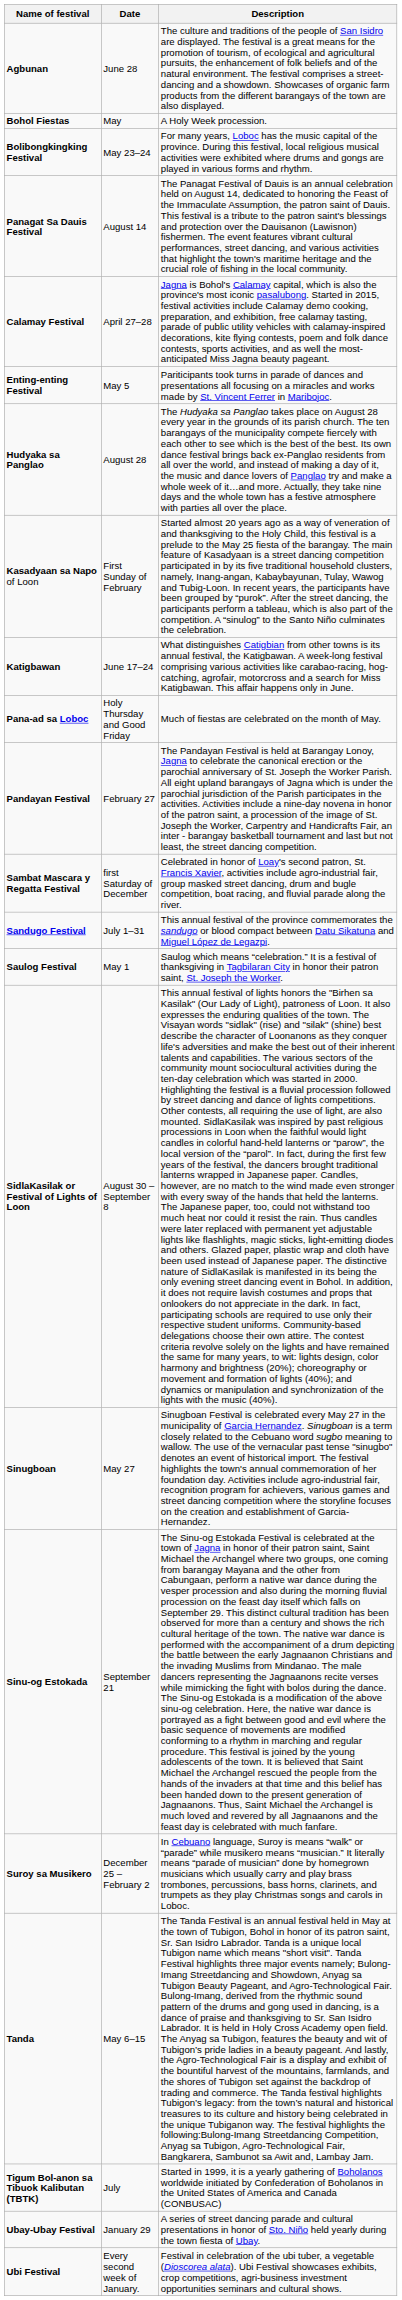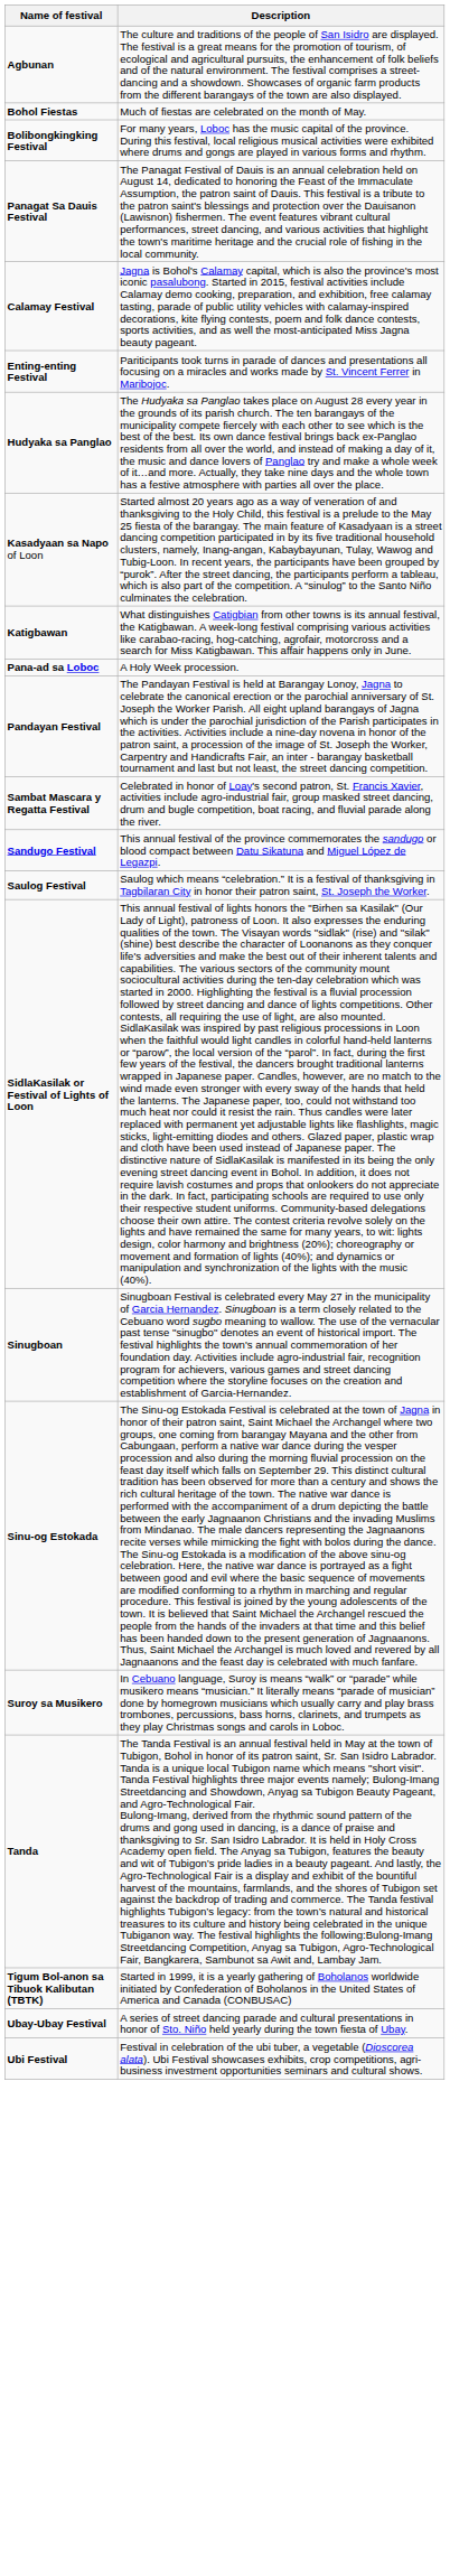 <table class="wikitable collapsible collapsed" style="margin:1em auto;font-size:95%;min-width:23em;">
 <tr>
 <th style="width: 10em;text-align:center  ;padding: 0.4em 1em;">Name of festival</th>
-<th style="width: 5em;text-align:center;padding: 0.4em 1em;">Date</th>
 <th style="width: 50em;text-align:center  ;padding: 0.4em 1em;">Description</th>
 </tr>
 <tr>
 <td><strong>Agbunan</strong></td>
-<td>June 28</td>
 <td>The culture and traditions of the people of <a href='#'>San Isidro</a> are displayed. The festival is a great means for the promotion of tourism, of ecological and agricultural pursuits, the enhancement of folk beliefs and of the natural environment. The festival comprises a street-dancing and a showdown. Showcases of organic farm products from the different barangays of the town are also displayed.</td>
 </tr>
 <tr>
 <td><strong>Bohol Fiestas</strong></td>
-<td>May</td>
-<td>A Holy Week procession.</td>
+<td>Much of fiestas are celebrated on the month of May.</td>
 </tr>
 <tr>
 <td><strong>Bolibongkingking Festival</strong></td>
-<td>May 23–24</td>
 <td>For many years, <a href='#'>Loboc</a> has the music capital of the province. During this festival, local religious musical activities were exhibited where drums and gongs are played in various forms and rhythm.</td>
 </tr>
 <tr>
 <td><strong>Panagat Sa Dauis Festival</strong></td>
-<td>August 14</td>
 <td [[Dauis, Bohol>The Panagat Festival of Dauis is an annual celebration held on August 14, dedicated to honoring the Feast of the Immaculate Assumption, the patron saint of Dauis. This festival is a tribute to the patron saint's blessings and protection over the Dauisanon (Lawisnon) fishermen. The event features vibrant cultural performances, street dancing, and various activities that highlight the town's maritime heritage and the crucial role of fishing in the local community.</td>
 </tr>
 <tr>
 <td><strong>Calamay Festival</strong></td>
-<td>April 27–28</td>
 <td><a href='#'>Jagna</a> is Bohol's <a href='#'>Calamay</a> capital, which is also the province's most iconic <a href='#'>pasalubong</a>. Started in 2015, festival activities include Calamay demo cooking, preparation, and  exhibition, free calamay tasting,  parade of public utility vehicles with calamay-inspired decorations,  kite flying contests, poem and folk dance contests, sports activities, and as well the most-anticipated Miss Jagna beauty pageant.</td>
 </tr>
 <tr>
 <td><strong>Enting-enting Festival</strong></td>
-<td>May 5</td>
 <td>Pariticipants took turns in parade of dances and presentations all focusing on a miracles and works made by <a href='#'>St. Vincent Ferrer</a> in <a href='#'>Maribojoc</a>.</td>
 </tr>
 <tr>
 <td><strong>Hudyaka sa Panglao</strong></td>
-<td>August 28</td>
 <td>The <em>Hudyaka sa Panglao</em> takes place on August 28 every year in the grounds of its parish church. The ten barangays of the municipality compete fiercely with each other to see which is the best of the best. Its own dance festival brings back ex-Panglao residents from all over the world, and instead of making a day of it, the music and dance lovers of <a href='#'>Panglao</a> try and make a whole week of it…and more. Actually, they take nine days and the whole town has a festive atmosphere with parties all over the place.</td>
 </tr>
 <tr>
 <td><strong>Kasadyaan sa Napo</strong> of Loon</td>
-<td>First Sunday of February</td>
 <td>Started almost 20 years ago as a way of veneration of and thanksgiving to the Holy Child, this festival is a prelude to the May 25 fiesta of the barangay. The main feature of Kasadyaan is a street dancing competition participated in by its five traditional household clusters, namely, Inang-angan, Kabaybayunan, Tulay, Wawog and Tubig-Loon. In recent years, the participants have been grouped by “purok”. After the street dancing, the participants perform a tableau, which is also part of the competition. A “sinulog” to the Santo Niño culminates the celebration.</td>
 </tr>
 <tr>
 <td><strong>Katigbawan</strong></td>
-<td>June 17–24</td>
 <td>What distinguishes <a href='#'>Catigbian</a> from other towns is its annual festival, the Katigbawan. A week-long festival comprising various activities like carabao-racing, hog-catching, agrofair, motorcross and a search for Miss Katigbawan. This affair happens only in June.</td>
 </tr>
 <tr>
 <td><strong>Pana-ad sa <a href='#'>Loboc</a></strong></td>
-<td>Holy Thursday and Good Friday</td>
-<td>Much of fiestas are celebrated on the month of May.</td>
+<td>A Holy Week procession.</td>
 </tr>
 <tr>
 <td><strong>Pandayan Festival</strong></td>
-<td>February 27</td>
 <td>The Pandayan Festival is held at Barangay Lonoy, <a href='#'>Jagna</a> to celebrate the canonical erection or the parochial anniversary of St. Joseph the Worker Parish. All eight upland barangays of Jagna which is under the parochial jurisdiction of the Parish participates in the activities. Activities include a nine-day novena in honor of the patron saint, a procession of the image of St. Joseph the Worker, Carpentry and Handicrafts Fair, an inter - barangay basketball tournament and last but not least, the street dancing competition.</td>
 </tr>
 <tr>
 <td><strong>Sambat Mascara y Regatta Festival</strong></td>
-<td>first Saturday of December</td>
 <td>Celebrated in honor of <a href='#'>Loay</a>'s second patron, St. <a href='#'>Francis Xavier</a>, activities include  agro-industrial fair, group masked street dancing, drum and bugle competition, boat racing, and fluvial parade along the river.</td>
 </tr>
 <tr>
 <td><strong><a href='#'>Sandugo Festival</a></strong></td>
-<td>July 1–31</td>
 <td>This annual festival of the province commemorates the <em><a href='#'>sandugo</a></em> or blood compact between <a href='#'>Datu Sikatuna</a> and <a href='#'>Miguel López de Legazpi</a>.</td>
 </tr>
 <tr>
 <td><strong> Saulog Festival</strong></td>
-<td>May 1</td>
 <td>Saulog which means “celebration.” It is a festival of thanksgiving in <a href='#'>Tagbilaran City</a> in honor their patron saint, <a href='#'>St. Joseph the Worker</a>.</td>
 </tr>
 <tr>
 <td><strong>SidlaKasilak or Festival of Lights of Loon</strong></td>
-<td>August 30 – September 8</td>
 <td>This annual festival of lights honors the "Birhen sa Kasilak" (Our Lady of Light), patroness of Loon. It also expresses the enduring qualities of the town. The Visayan words "sidlak" (rise) and "silak" (shine) best describe the character of Loonanons as they conquer life's adversities and make the best out of their inherent talents and capabilities. The various sectors of the community mount sociocultural activities during the ten-day celebration which was started in 2000. Highlighting the festival is a fluvial procession followed by street dancing and dance of lights competitions. Other contests, all requiring the use of light, are also mounted. SidlaKasilak was inspired by past religious processions in Loon when the faithful would light candles in colorful hand-held lanterns or “parow”, the local version of the “parol”. In fact, during the first few years of the festival, the dancers brought traditional lanterns wrapped in Japanese paper. Candles, however, are no match to the wind made even stronger with every sway of the hands that held the lanterns. The Japanese paper, too, could not withstand too much heat nor could it resist the rain. Thus candles were later replaced with permanent yet adjustable lights like flashlights, magic sticks, light-emitting diodes and others. Glazed paper, plastic wrap and cloth have been used instead of Japanese paper. The distinctive nature of SidlaKasilak is manifested in its being the only evening street dancing event in Bohol. In addition, it does not require lavish costumes and props that onlookers do not appreciate in the dark. In fact, participating schools are required to use only their respective student uniforms. Community-based delegations choose their own attire. The contest criteria revolve solely on the lights and have remained the same for many years, to wit: lights design, color harmony and brightness (20%); choreography or movement and formation of lights (40%); and dynamics or manipulation and synchronization of the lights with the music (40%).</td>
 </tr>
 <tr>
 <td><strong>Sinugboan</strong></td>
-<td>May 27</td>
 <td>Sinugboan Festival is celebrated every May 27 in the municipality of <a href='#'>Garcia Hernandez</a>. <em>Sinugboan</em> is a term closely related to the Cebuano word <em>sugbo</em> meaning to wallow. The use of the vernacular past tense "sinugbo" denotes an event of historical import. The festival highlights the town's annual commemoration of her foundation day. Activities include agro-industrial fair, recognition program for achievers, various games and street dancing competition where the storyline focuses on the creation and establishment of Garcia-Hernandez.</td>
 </tr>
 <tr>
 <td><strong>Sinu-og Estokada</strong></td>
-<td>September 21</td>
 <td>The Sinu-og Estokada Festival is celebrated at the town of <a href='#'>Jagna</a> in honor of their patron saint, Saint Michael the Archangel where two groups, one coming from barangay Mayana and the other from Cabungaan, perform a native war dance during the vesper procession and also during the morning fluvial procession on the feast day itself which falls on September 29. This distinct cultural tradition has been observed for more than a century and shows the rich cultural heritage of the town. The native war dance is performed with the accompaniment of a drum depicting the battle between the early Jagnaanon Christians and the invading Muslims from Mindanao. The male dancers representing the Jagnaanons recite verses while mimicking the fight with bolos during the dance.<br>The Sinu-og Estokada is a modification of the above sinu-og celebration. Here, the native war dance is portrayed as a fight between good and evil where the basic sequence of movements are modified conforming to a rhythm in marching and regular procedure. This festival is joined by the young adolescents of the town. It is believed that Saint Michael the Archangel rescued the people from the hands of the invaders at that time and this belief has been handed down to the present generation of Jagnaanons. Thus, Saint Michael the Archangel is much loved and revered by all Jagnaanons and the feast day is celebrated with much fanfare.</td>
 </tr>
 <tr>
 <td><strong>Suroy sa Musikero</strong></td>
-<td>December 25 – February 2</td>
 <td>In <a href='#'>Cebuano</a> language, Suroy is means “walk” or “parade” while musikero means “musician.” It literally means “parade of musician”  done by homegrown musicians which usually carry and play brass trombones, percussions, bass horns, clarinets, and trumpets as they play Christmas songs and carols in Loboc.</td>
 </tr>
 <tr>
 <td><strong>Tanda</strong></td>
-<td>May 6–15</td>
 <td>The Tanda Festival is an annual festival held in May at the town of Tubigon, Bohol in honor of its patron saint, Sr. San Isidro Labrador. Tanda is a unique local Tubigon name which means "short visit". Tanda Festival highlights three major events namely; Bulong-Imang Streetdancing and Showdown, Anyag sa Tubigon Beauty Pageant, and Agro-Technological Fair.<br>Bulong-Imang, derived from the rhythmic sound pattern of the drums and gong used in dancing, is a dance of praise and thanksgiving to Sr. San Isidro Labrador. It is held in Holy Cross Academy open field. The Anyag sa Tubigon, features the beauty and wit of Tubigon’s pride ladies in a beauty pageant. And lastly, the Agro-Technological Fair is a display and exhibit of the bountiful harvest of the mountains, farmlands, and the shores of Tubigon set against the backdrop of trading and commerce.  The Tanda festival highlights Tubigon’s legacy: from the town’s natural and historical treasures to its culture and history being celebrated in the unique Tubiganon way. The festival highlights the following:Bulong-Imang Streetdancing Competition, Anyag sa Tubigon, Agro-Technological Fair, Bangkarera, Sambunot sa Awit and, Lambay Jam.</td>
 </tr>
 <tr>
 <td><strong>Tigum Bol-anon sa Tibuok Kalibutan (TBTK)</strong></td>
-<td>July</td>
 <td>Started in 1999, it is a yearly gathering of <a href='#'>Boholanos</a> worldwide initiated by Confederation of Boholanos in the United States of America and Canada (CONBUSAC)</td>
 </tr>
 <tr>
 <td><strong>Ubay-Ubay Festival</strong></td>
-<td>January 29</td>
 <td>A series of street dancing parade and cultural presentations in honor of <a href='#'>Sto. Niño</a> held yearly during the town fiesta of <a href='#'>Ubay</a>.</td>
 </tr>
 <tr>
 <td><strong>Ubi Festival</strong></td>
-<td>Every second week of January.</td>
 <td>Festival in celebration of the ubi tuber, a vegetable (<em><a href='#'>Dioscorea alata</a></em>). Ubi Festival showcases exhibits, crop competitions, agri-business investment opportunities seminars and cultural shows.</td>
 </tr>
 </table>
